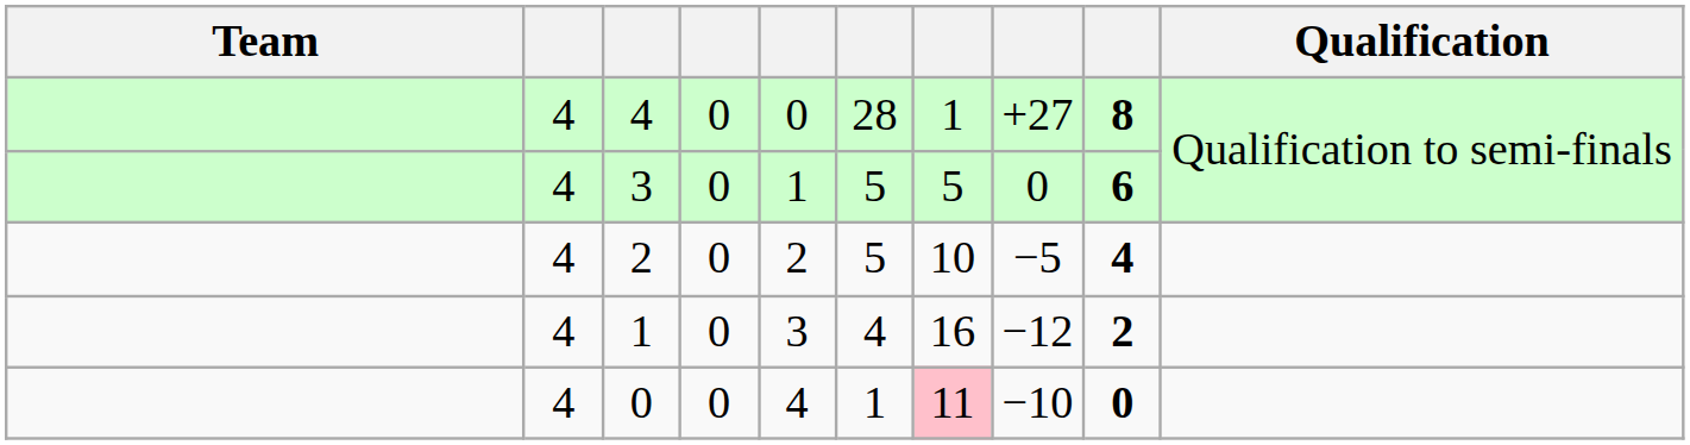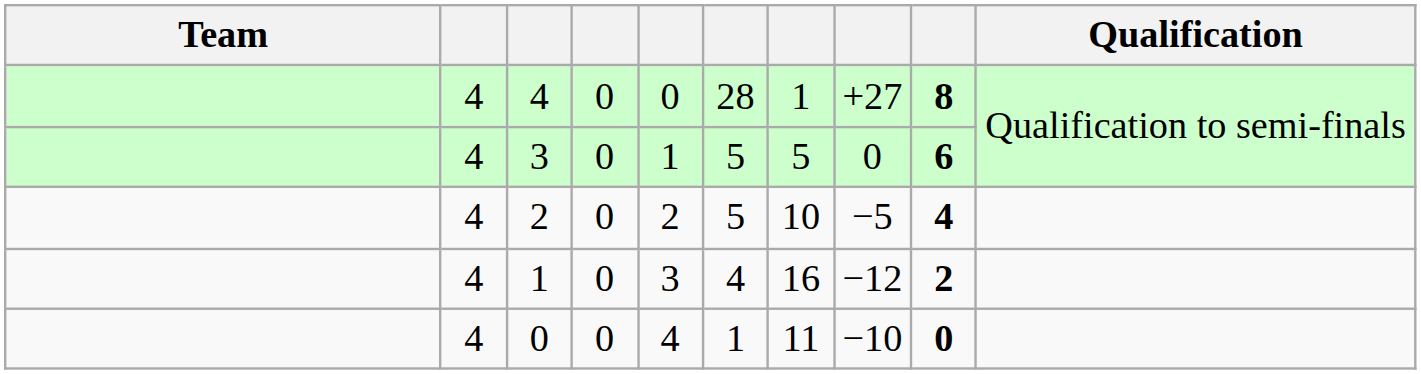 <table class="wikitable" style="text-align:center;">
 <tr>
 <th width=175>Team</th>
 <th width=20></th>
 <th width=20></th>
 <th width=20></th>
 <th width=20></th>
 <th width=20></th>
 <th width=20></th>
 <th width=20></th>
 <th width=20></th>
 <th>Qualification</th>
 </tr>
 <tr bgcolor="#ccffcc">
 <td align="left"></td>
 <td>4</td>
 <td>4</td>
 <td>0</td>
 <td>0</td>
 <td>28</td>
 <td>1</td>
 <td>+27</td>
 <td><strong>8</strong></td>
 <td rowspan="2">Qualification to semi-finals</td>
 </tr>
 <tr bgcolor="#ccffcc">
 <td align="left"></td>
 <td>4</td>
 <td>3</td>
 <td>0</td>
 <td>1</td>
 <td>5</td>
 <td>5</td>
 <td>0</td>
 <td><strong>6</strong></td>
 </tr>
 <tr>
 <td align="left"></td>
 <td>4</td>
 <td>2</td>
 <td>0</td>
 <td>2</td>
 <td>5</td>
 <td>10</td>
 <td>−5</td>
 <td><strong>4</strong></td>
 <td></td>
 </tr>
 <tr>
 <td align="left"></td>
 <td>4</td>
 <td>1</td>
 <td>0</td>
 <td>3</td>
 <td>4</td>
 <td>16</td>
 <td>−12</td>
 <td><strong>2</strong></td>
 <td></td>
 </tr>
 <tr>
 <td align="left"></td>
 <td>4</td>
 <td>0</td>
 <td>0</td>
 <td>4</td>
 <td>1</td>
-<td style="background: pink;">11</td>
+<td>11</td>
 <td>−10</td>
 <td><strong>0</strong></td>
 <td></td>
 </tr>
 </table>
